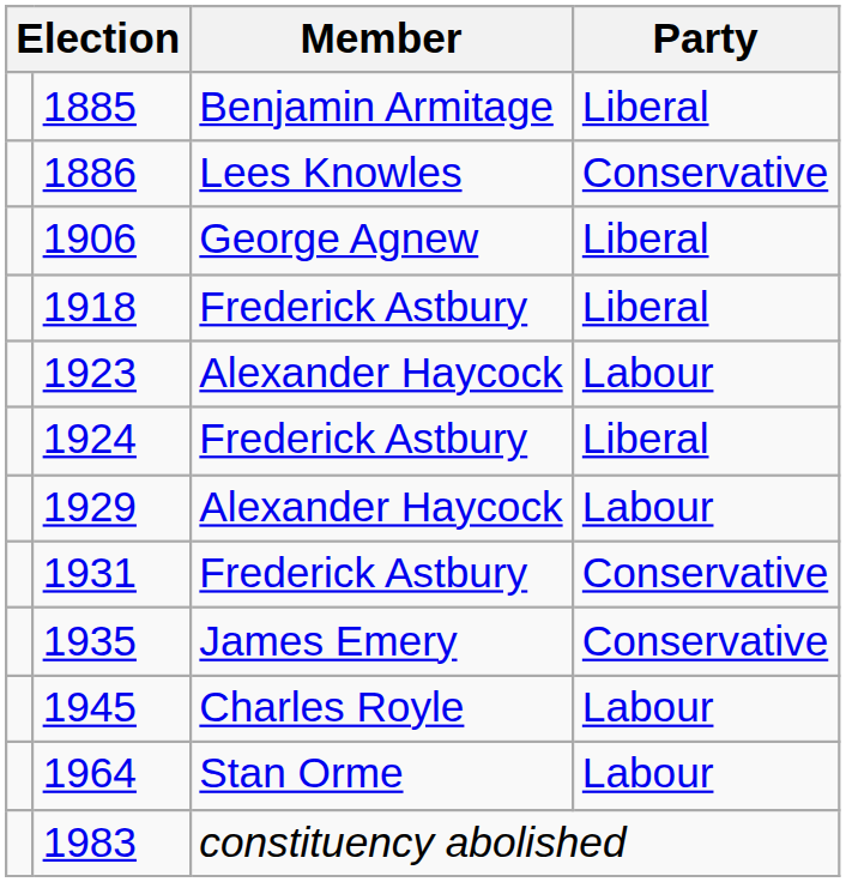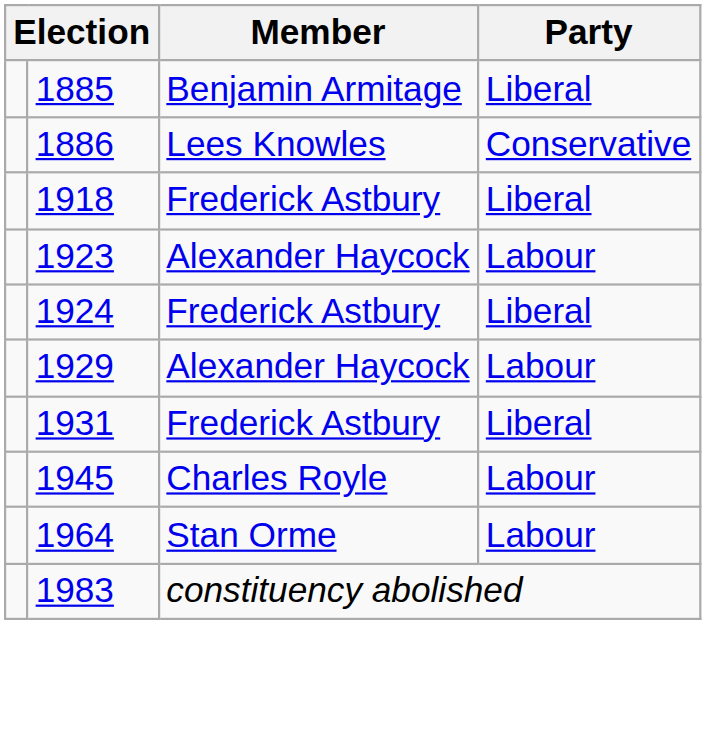 <table class="wikitable">
 <tr>
 <th colspan="2">Election</th>
 <th>Member</th>
 <th>Party</th>
 </tr>
 <tr>
 <td style="color:inherit;background-color: "></td>
 <td><a href='#'>1885</a></td>
 <td><a href='#'>Benjamin Armitage</a></td>
 <td><a href='#'>Liberal</a></td>
 </tr>
 <tr>
 <td style="color:inherit;background-color: "></td>
 <td><a href='#'>1886</a></td>
 <td><a href='#'>Lees Knowles</a></td>
 <td><a href='#'>Conservative</a></td>
-</tr>
-<tr>
-<td style="color:inherit;background-color: "></td>
-<td><a href='#'>1906</a></td>
-<td><a href='#'>George Agnew</a></td>
-<td><a href='#'>Liberal</a></td>
 </tr>
 <tr>
 <td style="color:inherit;background-color: "></td>
 <td><a href='#'>1918</a></td>
 <td><a href='#'>Frederick Astbury</a></td>
 <td><a href='#'>Liberal</a></td>
 </tr>
 <tr>
 <td style="color:inherit;background-color: "></td>
 <td><a href='#'>1923</a></td>
 <td><a href='#'>Alexander Haycock</a></td>
 <td><a href='#'>Labour</a></td>
 </tr>
 <tr>
 <td style="color:inherit;background-color: "></td>
 <td><a href='#'>1924</a></td>
 <td><a href='#'>Frederick Astbury</a></td>
 <td><a href='#'>Liberal</a></td>
 </tr>
 <tr>
 <td style="color:inherit;background-color: "></td>
 <td><a href='#'>1929</a></td>
 <td><a href='#'>Alexander Haycock</a></td>
 <td><a href='#'>Labour</a></td>
 </tr>
 <tr>
 <td style="color:inherit;background-color: "></td>
 <td><a href='#'>1931</a></td>
 <td><a href='#'>Frederick Astbury</a></td>
-<td><a href='#'>Conservative</a></td>
-</tr>
-<tr>
-<td style="color:inherit;background-color: "></td>
-<td><a href='#'>1935</a></td>
-<td><a href='#'>James Emery</a></td>
-<td><a href='#'>Conservative</a></td>
+<td><a href='#'>Liberal</a></td>
 </tr>
 <tr>
 <td style="color:inherit;background-color: "></td>
 <td><a href='#'>1945</a></td>
 <td><a href='#'>Charles Royle</a></td>
 <td><a href='#'>Labour</a></td>
 </tr>
 <tr>
 <td style="color:inherit;background-color: "></td>
 <td><a href='#'>1964</a></td>
 <td><a href='#'>Stan Orme</a></td>
 <td><a href='#'>Labour</a></td>
 </tr>
 <tr>
 <td></td>
 <td><a href='#'>1983</a></td>
 <td colspan="2"><em>constituency abolished</em></td>
 </tr>
 </table>
